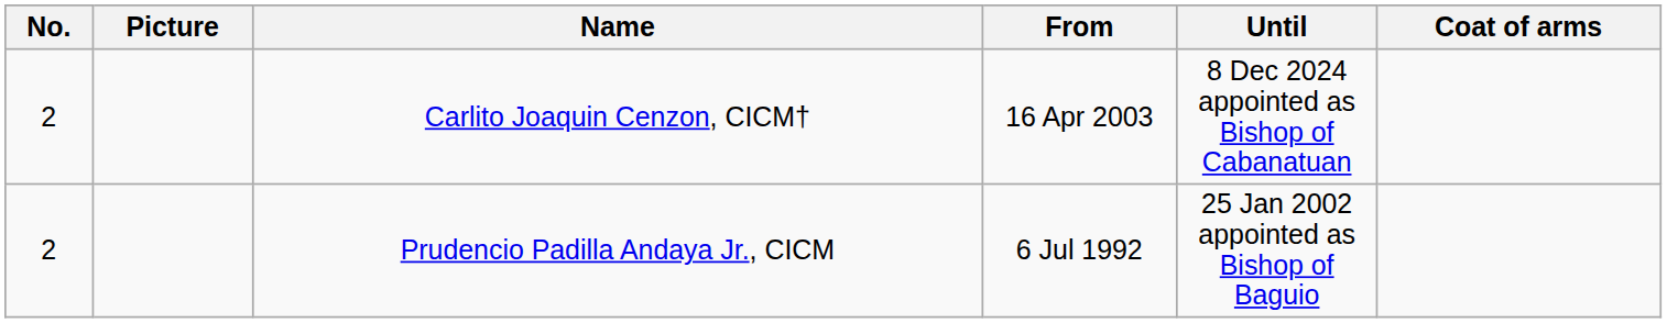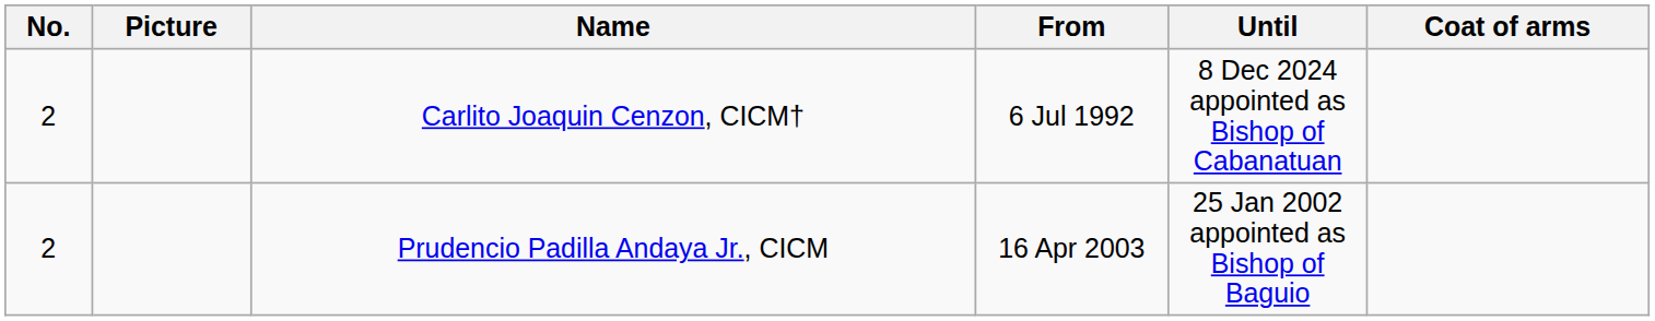 <table class="wikitable" style="font-size:90%;">
 <tr>
 <th style="width:40px;">No.</th>
 <th style="width:80px;">Picture</th>
 <th style="width:400px;">Name</th>
 <th style="width:100px;">From</th>
 <th style="width:100px;">Until</th>
 <th style="width:150px;">Coat of arms</th>
 </tr>
 <tr align="center">
 <td>2</td>
 <td></td>
 <td><a href='#'>Carlito Joaquin Cenzon</a>, CICM†</td>
-<td>16 Apr 2003</td>
+<td>6 Jul 1992</td>
 <td>8 Dec 2024<br>appointed as <a href='#'>Bishop of Cabanatuan</a></td>
 <td></td>
 </tr>
 <tr align="center">
 <td>2</td>
 <td></td>
 <td><a href='#'>Prudencio Padilla Andaya Jr.</a>, CICM</td>
-<td>6 Jul 1992</td>
+<td>16 Apr 2003</td>
 <td>25 Jan 2002<br>appointed as <a href='#'>Bishop of Baguio</a></td>
 <td></td>
 </tr>
 </table>
